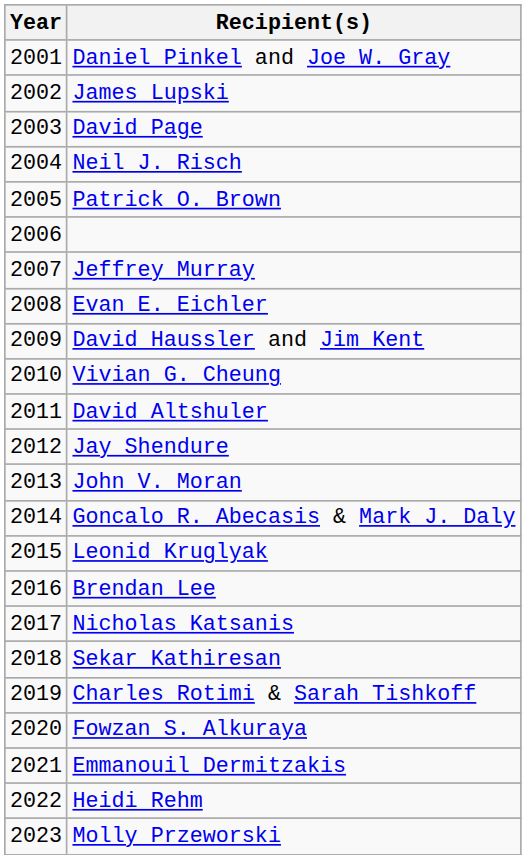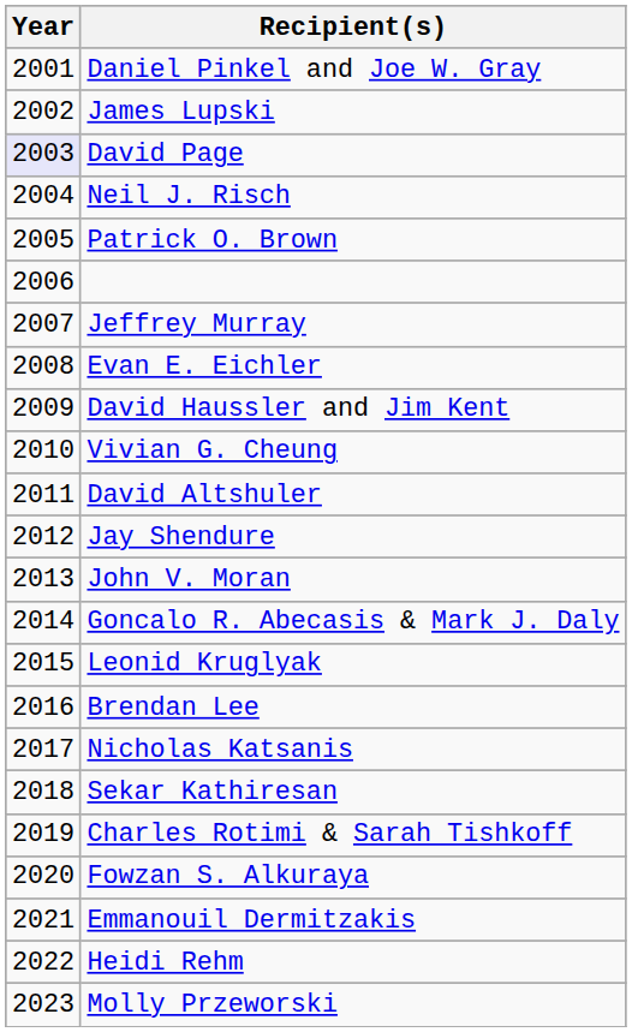 <table class="wikitable">
 <tr>
 <th>Year</th>
 <th>Recipient(s)</th>
 </tr>
 <tr>
 <td>2001</td>
 <td><a href='#'>Daniel Pinkel</a> and <a href='#'>Joe W. Gray</a></td>
 </tr>
 <tr>
 <td>2002</td>
 <td><a href='#'>James Lupski</a></td>
 </tr>
 <tr>
-<td>2003</td>
+<td style="background: lavender;">2003</td>
 <td><a href='#'>David Page</a></td>
 </tr>
 <tr>
 <td>2004</td>
 <td><a href='#'>Neil J. Risch</a></td>
 </tr>
 <tr>
 <td>2005</td>
 <td><a href='#'>Patrick O. Brown</a></td>
 </tr>
 <tr>
 <td>2006</td>
 <td></td>
 </tr>
 <tr>
 <td>2007</td>
 <td><a href='#'>Jeffrey Murray</a></td>
 </tr>
 <tr>
 <td>2008</td>
 <td><a href='#'>Evan E. Eichler</a></td>
 </tr>
 <tr>
 <td>2009</td>
 <td><a href='#'>David Haussler</a> and <a href='#'>Jim Kent</a></td>
 </tr>
 <tr>
 <td>2010</td>
 <td><a href='#'>Vivian G. Cheung</a></td>
 </tr>
 <tr>
 <td>2011</td>
 <td><a href='#'>David Altshuler</a></td>
 </tr>
 <tr>
 <td>2012</td>
 <td><a href='#'>Jay Shendure</a></td>
 </tr>
 <tr>
 <td>2013</td>
 <td><a href='#'>John V. Moran</a></td>
 </tr>
 <tr>
 <td>2014</td>
 <td><a href='#'>Goncalo R. Abecasis</a> & <a href='#'>Mark J. Daly</a></td>
 </tr>
 <tr>
 <td>2015</td>
 <td><a href='#'>Leonid Kruglyak</a></td>
 </tr>
 <tr>
 <td>2016</td>
 <td><a href='#'>Brendan Lee</a></td>
 </tr>
 <tr>
 <td>2017</td>
 <td><a href='#'>Nicholas Katsanis</a></td>
 </tr>
 <tr>
 <td>2018</td>
 <td><a href='#'>Sekar Kathiresan</a></td>
 </tr>
 <tr>
 <td>2019</td>
 <td><a href='#'>Charles Rotimi</a> & <a href='#'>Sarah Tishkoff</a></td>
 </tr>
 <tr>
 <td>2020</td>
 <td><a href='#'>Fowzan S. Alkuraya</a></td>
 </tr>
 <tr>
 <td>2021</td>
 <td><a href='#'>Emmanouil Dermitzakis</a></td>
 </tr>
 <tr>
 <td>2022</td>
 <td><a href='#'>Heidi Rehm</a></td>
 </tr>
 <tr>
 <td>2023</td>
 <td><a href='#'>Molly Przeworski</a></td>
 </tr>
 </table>
